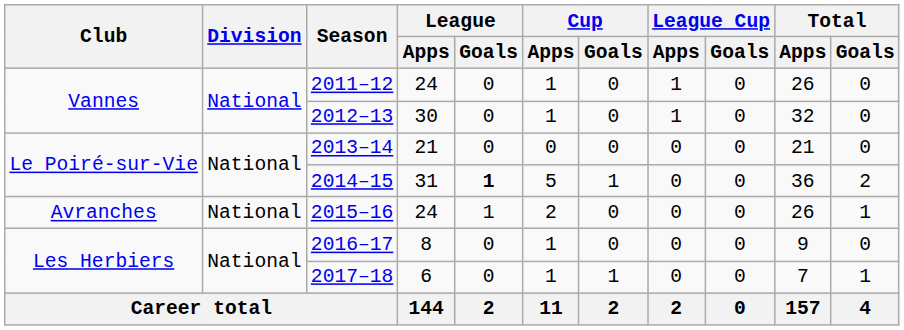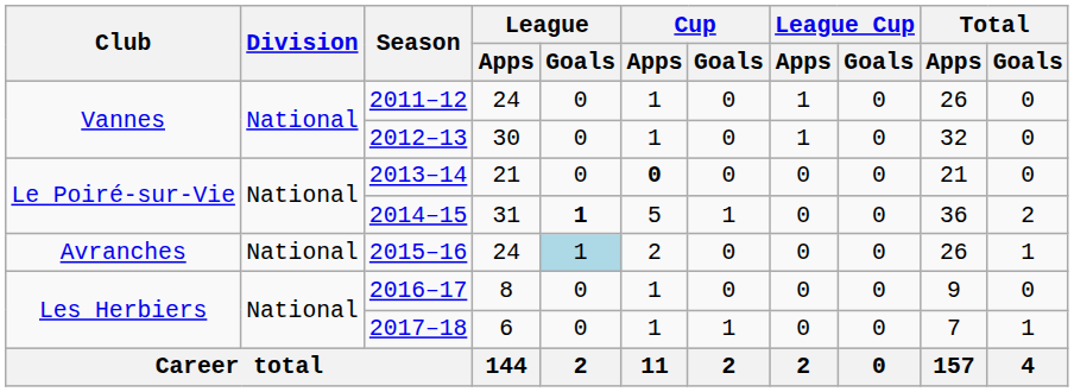 <table class="wikitable" style="text-align:center">
 <tr>
 <th rowspan="2">Club</th>
 <th rowspan="2"><a href='#'>Division</a></th>
 <th rowspan="2">Season</th>
 <th colspan="2">League</th>
 <th colspan="2"><a href='#'>Cup</a></th>
 <th colspan="2"><a href='#'>League Cup</a></th>
 <th colspan="2">Total</th>
 </tr>
 <tr>
 <th>Apps</th>
 <th>Goals</th>
 <th>Apps</th>
 <th>Goals</th>
 <th>Apps</th>
 <th>Goals</th>
 <th>Apps</th>
 <th>Goals</th>
 </tr>
 <tr>
 <td rowspan="2" valign=center><a href='#'>Vannes</a></td>
 <td rowspan="2"><a href='#'>National</a></td>
 <td><a href='#'>2011–12</a></td>
 <td>24</td>
 <td>0</td>
 <td>1</td>
 <td>0</td>
 <td>1</td>
 <td>0</td>
 <td>26</td>
 <td>0</td>
 </tr>
 <tr>
 <td><a href='#'>2012–13</a></td>
 <td>30</td>
 <td>0</td>
 <td>1</td>
 <td>0</td>
 <td>1</td>
 <td>0</td>
 <td>32</td>
 <td>0</td>
 </tr>
 <tr>
 <td rowspan="2" valign=center><a href='#'>Le Poiré-sur-Vie</a></td>
 <td rowspan="2">National</td>
 <td><a href='#'>2013–14</a></td>
 <td>21</td>
 <td>0</td>
-<td>0</td>
+<td><strong>0</strong></td>
 <td>0</td>
 <td>0</td>
 <td>0</td>
 <td>21</td>
 <td>0</td>
 </tr>
 <tr>
 <td><a href='#'>2014–15</a></td>
 <td>31</td>
 <td><strong>1</strong></td>
 <td>5</td>
 <td>1</td>
 <td>0</td>
 <td>0</td>
 <td>36</td>
 <td>2</td>
 </tr>
 <tr>
 <td><a href='#'>Avranches</a></td>
 <td>National</td>
 <td><a href='#'>2015–16</a></td>
 <td>24</td>
-<td>1</td>
+<td style="background: lightblue;">1</td>
 <td>2</td>
 <td>0</td>
 <td>0</td>
 <td>0</td>
 <td>26</td>
 <td>1</td>
 </tr>
 <tr>
 <td rowspan="2" valign=center><a href='#'>Les Herbiers</a></td>
 <td rowspan="2">National</td>
 <td><a href='#'>2016–17</a></td>
 <td>8</td>
 <td>0</td>
 <td>1</td>
 <td>0</td>
 <td>0</td>
 <td>0</td>
 <td>9</td>
 <td>0</td>
 </tr>
 <tr>
 <td><a href='#'>2017–18</a></td>
 <td>6</td>
 <td>0</td>
 <td>1</td>
 <td>1</td>
 <td>0</td>
 <td>0</td>
 <td>7</td>
 <td>1</td>
 </tr>
 <tr>
 <th colspan=3>Career total</th>
 <th>144</th>
 <th>2</th>
 <th>11</th>
 <th>2</th>
 <th>2</th>
 <th>0</th>
 <th>157</th>
 <th>4</th>
 </tr>
 </table>
